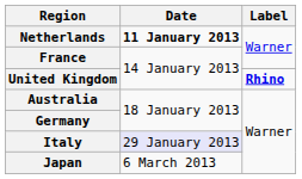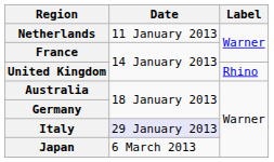 <table class="wikitable plainrowheaders">
 <tr>
 <th scope="col">Region</th>
 <th scope="col">Date</th>
 <th scope="col">Label</th>
 </tr>
 <tr>
 <th scope="row">Netherlands</th>
-<td><strong>11 January 2013</strong></td>
+<td>11 January 2013</td>
 <td rowspan="2"><a href='#'>Warner</a></td>
 </tr>
 <tr>
 <th scope="row">France</th>
 <td rowspan="2">14 January 2013</td>
 </tr>
 <tr>
 <th scope="row">United Kingdom</th>
-<td><strong><a href='#'>Rhino</a></strong></td>
+<td><a href='#'>Rhino</a></td>
 </tr>
 <tr>
 <th scope="row">Australia</th>
 <td rowspan="2">18 January 2013</td>
 <td rowspan="4">Warner</td>
 </tr>
 <tr>
 <th scope="row">Germany</th>
 </tr>
 <tr>
 <th scope="row">Italy</th>
 <td style="background: lavender;">29 January 2013</td>
 </tr>
 <tr>
 <th scope="row">Japan</th>
 <td>6 March 2013</td>
 </tr>
 </table>
